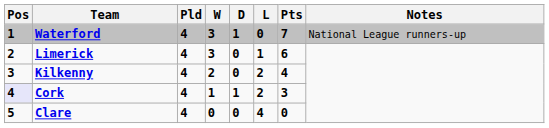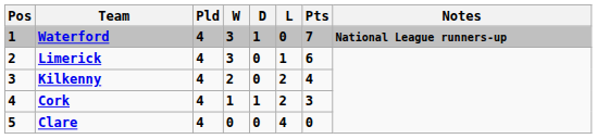 <table class="wikitable" style="text-align: centre;">
 <tr>
 <th width=20>Pos</th>
 <th width=150>Team</th>
 <th width=20>Pld</th>
 <th width=20>W</th>
 <th width=20>D</th>
 <th width=20>L</th>
 <th width=20>Pts</th>
 <th width=250>Notes</th>
 </tr>
 <tr style="background:silver;">
 <td><strong>1</strong></td>
 <td align=left><strong> <a href='#'>Waterford</a> </strong></td>
 <td><strong>4</strong></td>
 <td><strong>3</strong></td>
 <td><strong>1</strong></td>
 <td><strong>0</strong></td>
 <td><strong>7</strong></td>
-<td><small> National League runners-up</small></td>
+<td><strong><small> National League runners-up</small></strong></td>
 </tr>
 <tr>
 <td><strong>2</strong></td>
 <td align=left><strong> <a href='#'>Limerick</a> </strong></td>
 <td><strong>4</strong></td>
 <td><strong>3</strong></td>
 <td><strong>0</strong></td>
 <td><strong>1</strong></td>
 <td><strong>6</strong></td>
 </tr>
 <tr>
 <td><strong>3</strong></td>
 <td align=left><strong> <a href='#'>Kilkenny</a> </strong></td>
 <td><strong>4</strong></td>
 <td><strong>2</strong></td>
 <td><strong>0</strong></td>
 <td><strong>2</strong></td>
 <td><strong>4</strong></td>
 </tr>
 <tr>
-<td style="background: lavender;"><strong>4</strong></td>
+<td><strong>4</strong></td>
 <td align=left><strong> <a href='#'>Cork</a> </strong></td>
 <td><strong>4</strong></td>
 <td><strong>1</strong></td>
 <td><strong>1</strong></td>
 <td><strong>2</strong></td>
 <td><strong>3</strong></td>
 </tr>
 <tr>
 <td><strong>5</strong></td>
 <td align=left><strong> <a href='#'>Clare</a> </strong></td>
 <td><strong>4</strong></td>
 <td><strong>0</strong></td>
 <td><strong>0</strong></td>
 <td><strong>4</strong></td>
 <td><strong>0</strong></td>
 </tr>
 </table>
